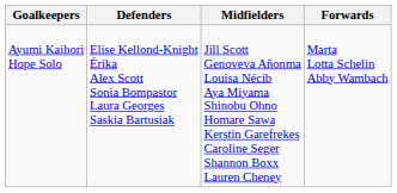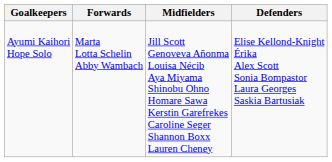 <table class="wikitable" style="margin:0 auto">
 <tr>
 <th>Goalkeepers</th>
+<th>Forwards</th>
+<th>Midfielders</th>
 <th>Defenders</th>
-<th>Midfielders</th>
-<th>Forwards</th>
 </tr>
 <tr>
 <td align=left valign=top><br> <a href='#'>Ayumi Kaihori</a> <br>  <a href='#'>Hope Solo</a></td>
+<td align=left valign=top><br> <a href='#'>Marta</a> <br>  <a href='#'>Lotta Schelin</a> <br>  <a href='#'>Abby Wambach</a></td>
+<td align=left valign=top><br> <a href='#'>Jill Scott</a> <br>  <a href='#'>Genoveva Añonma</a> <br>  <a href='#'>Louisa Nécib</a> <br>  <a href='#'>Aya Miyama</a> <br>  <a href='#'>Shinobu Ohno</a> <br>  <a href='#'>Homare Sawa</a> <br>  <a href='#'>Kerstin Garefrekes</a> <br>  <a href='#'>Caroline Seger</a> <br>  <a href='#'>Shannon Boxx</a> <br>  <a href='#'>Lauren Cheney</a></td>
 <td align=left valign=top><br> <a href='#'>Elise Kellond-Knight</a> <br>  <a href='#'>Érika</a> <br>  <a href='#'>Alex Scott</a> <br>  <a href='#'>Sonia Bompastor</a> <br>  <a href='#'>Laura Georges</a> <br>  <a href='#'>Saskia Bartusiak</a> <br></td>
-<td align=left valign=top><br> <a href='#'>Jill Scott</a> <br>  <a href='#'>Genoveva Añonma</a> <br>  <a href='#'>Louisa Nécib</a> <br>  <a href='#'>Aya Miyama</a> <br>  <a href='#'>Shinobu Ohno</a> <br>  <a href='#'>Homare Sawa</a> <br>  <a href='#'>Kerstin Garefrekes</a> <br>  <a href='#'>Caroline Seger</a> <br>  <a href='#'>Shannon Boxx</a> <br>  <a href='#'>Lauren Cheney</a></td>
-<td align=left valign=top><br> <a href='#'>Marta</a> <br>  <a href='#'>Lotta Schelin</a> <br>  <a href='#'>Abby Wambach</a></td>
 </tr>
 </table>
